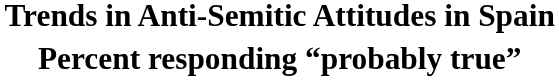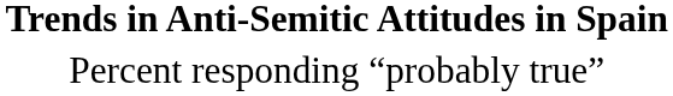 <table style="margin: 1em auto 1em auto; text-align:center;">
 <tr>
 <th>Trends in Anti-Semitic Attitudes in Spain</th>
 </tr>
 <tr>
-<td><strong>Percent responding “probably true”</strong></td>
+<td>Percent responding “probably true”</td>
 </tr>
 <tr>
 <td></td>
 </tr>
 </table>
